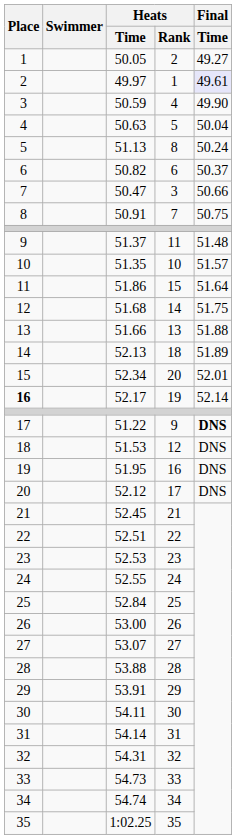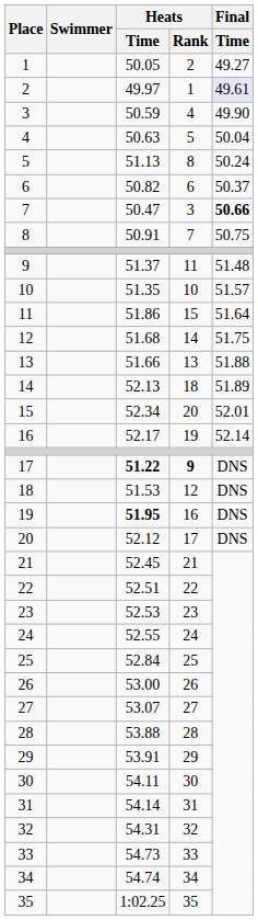 <table class="wikitable" style="text-align:center;">
 <tr>
 <th rowspan="2">Place</th>
 <th rowspan="2">Swimmer</th>
 <th colspan="2">Heats</th>
 <th>Final</th>
 </tr>
 <tr>
 <th>Time</th>
 <th>Rank</th>
 <th>Time</th>
 </tr>
 <tr>
 <td>1</td>
 <td align=left></td>
 <td>50.05</td>
 <td>2</td>
 <td>49.27</td>
 </tr>
 <tr>
 <td>2</td>
 <td align=left></td>
 <td>49.97</td>
 <td>1</td>
 <td style="background: lavender;">49.61</td>
 </tr>
 <tr>
 <td>3</td>
 <td align=left></td>
 <td>50.59</td>
 <td>4</td>
 <td>49.90</td>
 </tr>
 <tr>
 <td>4</td>
 <td align=left></td>
 <td>50.63</td>
 <td>5</td>
 <td>50.04</td>
 </tr>
 <tr>
 <td>5</td>
 <td align=left></td>
 <td>51.13</td>
 <td>8</td>
 <td>50.24</td>
 </tr>
 <tr>
 <td>6</td>
 <td align=left></td>
 <td>50.82</td>
 <td>6</td>
 <td>50.37</td>
 </tr>
 <tr>
 <td>7</td>
 <td align=left></td>
 <td>50.47</td>
 <td>3</td>
-<td>50.66</td>
+<td><strong>50.66</strong></td>
 </tr>
 <tr>
 <td>8</td>
 <td align=left></td>
 <td>50.91</td>
 <td>7</td>
 <td>50.75</td>
 </tr>
 <tr>
 <td colspan=5 bgcolor=lightgray></td>
 </tr>
 <tr>
 <td>9</td>
 <td align=left></td>
 <td>51.37</td>
 <td>11</td>
 <td>51.48</td>
 </tr>
 <tr>
 <td>10</td>
 <td align=left></td>
 <td>51.35</td>
 <td>10</td>
 <td>51.57</td>
 </tr>
 <tr>
 <td>11</td>
 <td align=left></td>
 <td>51.86</td>
 <td>15</td>
 <td>51.64</td>
 </tr>
 <tr>
 <td>12</td>
 <td align=left></td>
 <td>51.68</td>
 <td>14</td>
 <td>51.75</td>
 </tr>
 <tr>
 <td>13</td>
 <td align=left></td>
 <td>51.66</td>
 <td>13</td>
 <td>51.88</td>
 </tr>
 <tr>
 <td>14</td>
 <td align=left></td>
 <td>52.13</td>
 <td>18</td>
 <td>51.89</td>
 </tr>
 <tr>
 <td>15</td>
 <td align=left></td>
 <td>52.34</td>
 <td>20</td>
 <td>52.01</td>
 </tr>
 <tr>
-<td><strong>16</strong></td>
+<td>16</td>
 <td align=left></td>
 <td>52.17</td>
 <td>19</td>
 <td>52.14</td>
 </tr>
 <tr>
 <td colspan=5 bgcolor=lightgray></td>
 </tr>
 <tr>
 <td>17</td>
 <td align=left></td>
-<td>51.22</td>
-<td>9</td>
-<td><strong>DNS</strong></td>
+<td><strong>51.22</strong></td>
+<td><strong>9</strong></td>
+<td>DNS</td>
 </tr>
 <tr>
 <td>18</td>
 <td align=left></td>
 <td>51.53</td>
 <td>12</td>
 <td>DNS</td>
 </tr>
 <tr>
 <td>19</td>
 <td align=left></td>
-<td>51.95</td>
+<td><strong>51.95</strong></td>
 <td>16</td>
 <td>DNS</td>
 </tr>
 <tr>
 <td>20</td>
 <td align=left></td>
 <td>52.12</td>
 <td>17</td>
 <td>DNS</td>
 </tr>
 <tr>
 <td>21</td>
 <td align=left></td>
 <td>52.45</td>
 <td>21</td>
 </tr>
 <tr>
 <td>22</td>
 <td align=left></td>
 <td>52.51</td>
 <td>22</td>
 </tr>
 <tr>
 <td>23</td>
 <td align=left></td>
 <td>52.53</td>
 <td>23</td>
 </tr>
 <tr>
 <td>24</td>
 <td align=left></td>
 <td>52.55</td>
 <td>24</td>
 </tr>
 <tr>
 <td>25</td>
 <td align=left></td>
 <td>52.84</td>
 <td>25</td>
 </tr>
 <tr>
 <td>26</td>
 <td align=left></td>
 <td>53.00</td>
 <td>26</td>
 </tr>
 <tr>
 <td>27</td>
 <td align=left></td>
 <td>53.07</td>
 <td>27</td>
 </tr>
 <tr>
 <td>28</td>
 <td align=left></td>
 <td>53.88</td>
 <td>28</td>
 </tr>
 <tr>
 <td>29</td>
 <td align=left></td>
 <td>53.91</td>
 <td>29</td>
 </tr>
 <tr>
 <td>30</td>
 <td align=left></td>
 <td>54.11</td>
 <td>30</td>
 </tr>
 <tr>
 <td>31</td>
 <td align=left></td>
 <td>54.14</td>
 <td>31</td>
 </tr>
 <tr>
 <td>32</td>
 <td align=left></td>
 <td>54.31</td>
 <td>32</td>
 </tr>
 <tr>
 <td>33</td>
 <td align=left></td>
 <td>54.73</td>
 <td>33</td>
 </tr>
 <tr>
 <td>34</td>
 <td align=left></td>
 <td>54.74</td>
 <td>34</td>
 </tr>
 <tr>
 <td>35</td>
 <td align=left></td>
 <td>1:02.25</td>
 <td>35</td>
 </tr>
 </table>
